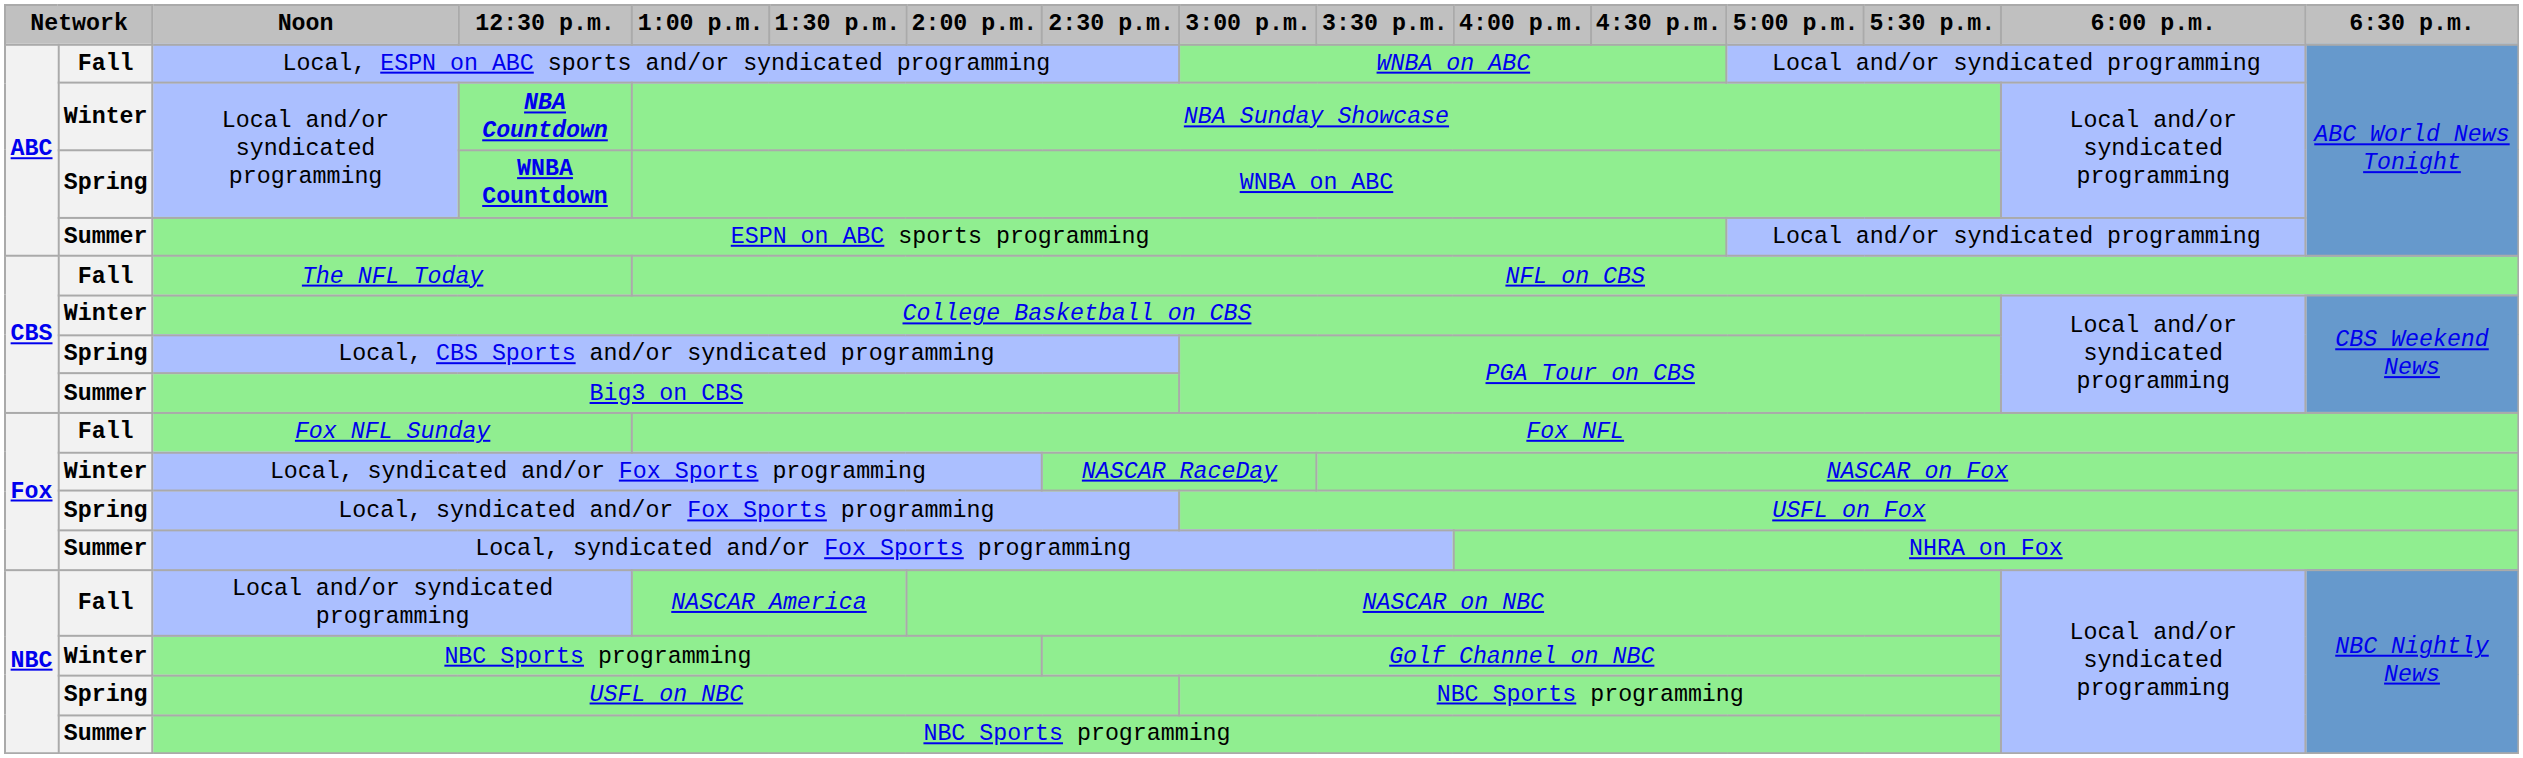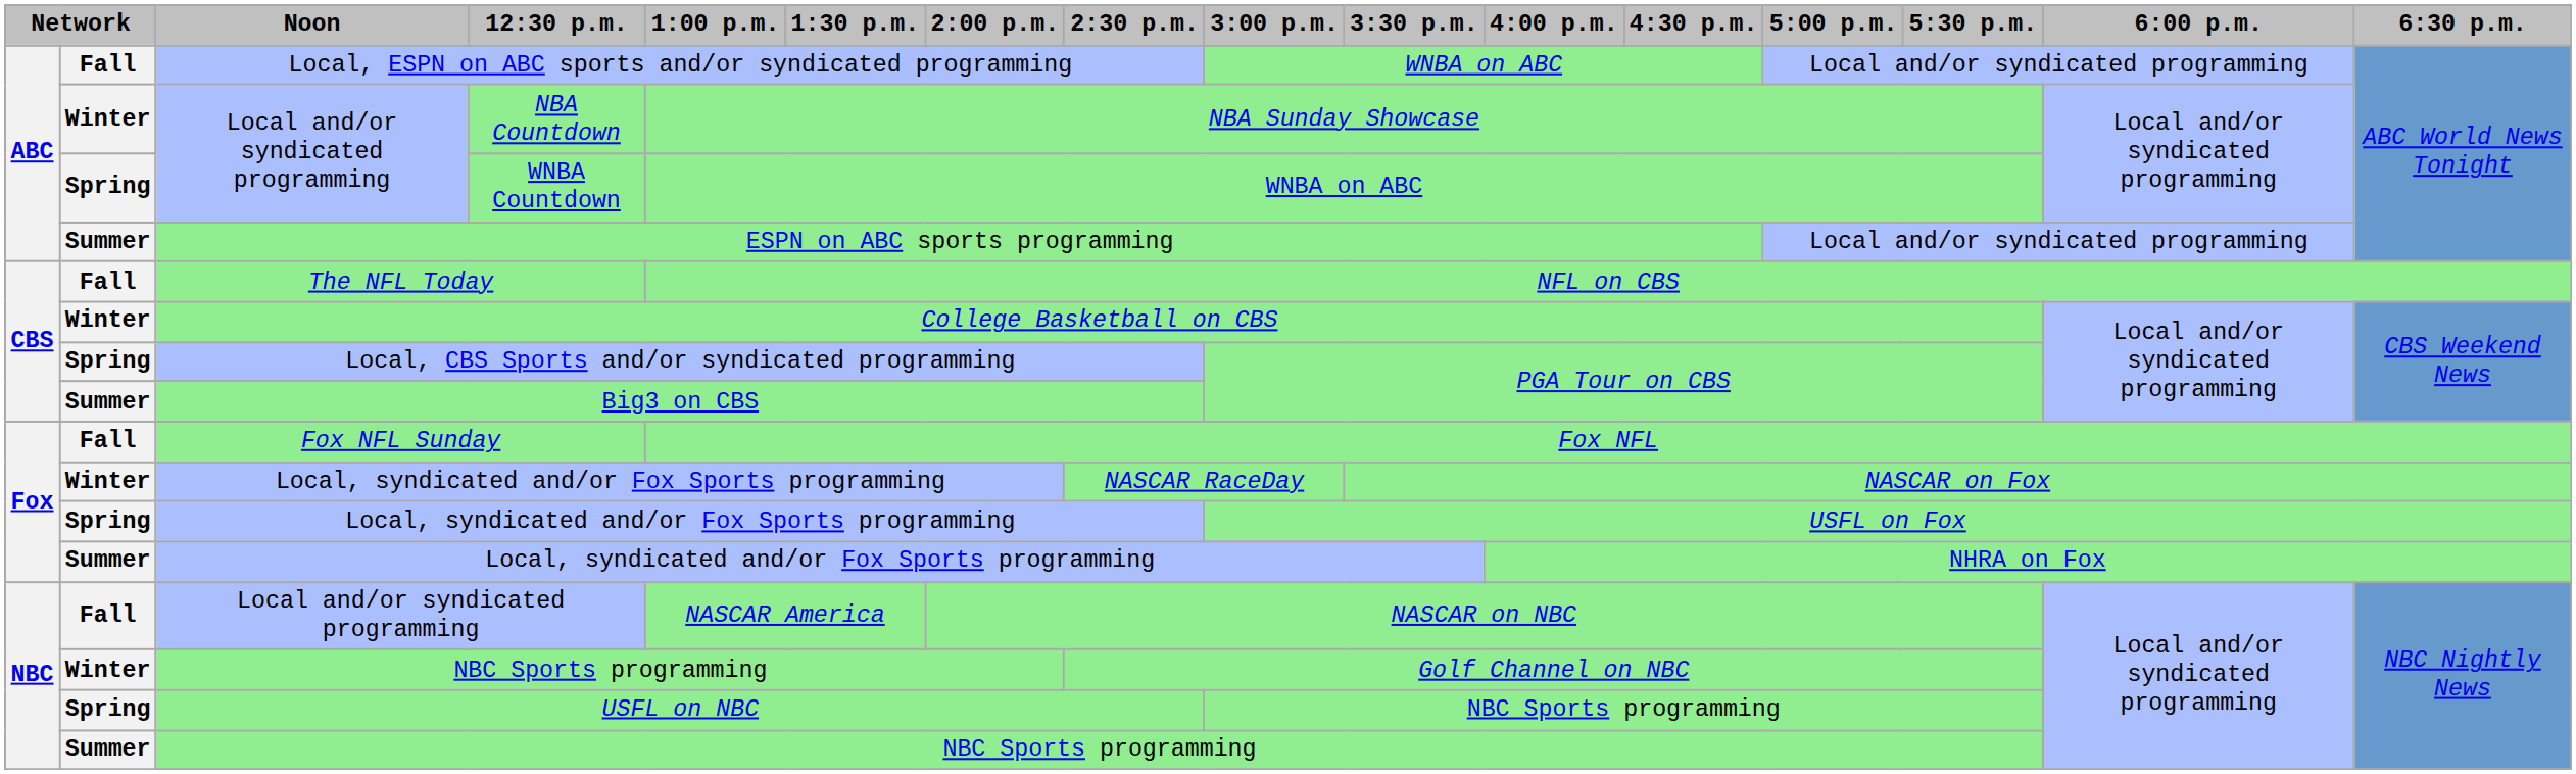 <table class="wikitable" style="width:100%;margin-right:0;font-size:90%;text-align:center">
 <tr>
 <th colspan="2" style="background:#C0C0C0; width:1.5%; text-align:center;">Network</th>
 <th style="background:#C0C0C0; text-align:center;">Noon</th>
 <th style="background:#C0C0C0; text-align:center;">12:30 p.m.</th>
 <th style="background:#C0C0C0; text-align:center;">1:00 p.m.</th>
 <th style="background:#C0C0C0; text-align:center;">1:30 p.m.</th>
 <th style="background:#C0C0C0; text-align:center;">2:00 p.m.</th>
 <th style="background:#C0C0C0; text-align:center;">2:30 p.m.</th>
 <th style="background:#C0C0C0; text-align:center;">3:00 p.m.</th>
 <th style="background:#C0C0C0; text-align:center;">3:30 p.m.</th>
 <th style="background:#C0C0C0; text-align:center;">4:00 p.m.</th>
 <th style="background:#C0C0C0; text-align:center;">4:30 p.m.</th>
 <th style="background:#C0C0C0; text-align:center;">5:00 p.m.</th>
 <th style="background:#C0C0C0; text-align:center;">5:30 p.m.</th>
 <th style="background:#C0C0C0; text-align:center;">6:00 p.m.</th>
 <th style="background:#C0C0C0; text-align:center;">6:30 p.m.</th>
 </tr>
 <tr>
 <th rowspan="4"><a href='#'>ABC</a></th>
 <th>Fall</th>
 <td colspan="6" style="background:#abbfff;">Local, <a href='#'>ESPN on ABC</a> sports and/or syndicated programming</td>
 <td colspan="4" style="background:lightgreen;"><em><a href='#'>WNBA on ABC</a></em></td>
 <td colspan="3" style="background:#abbfff;">Local and/or syndicated programming</td>
 <td rowspan="4" style="background: #6699CC;"><em><a href='#'>ABC World News Tonight</a></em></td>
 </tr>
 <tr>
 <th>Winter</th>
 <td rowspan="2" style="background:#abbfff;">Local and/or syndicated programming</td>
-<td style="background:lightgreen;"><strong><em><a href='#'>NBA Countdown</a></em></strong></td>
+<td style="background:lightgreen;"><em><a href='#'>NBA Countdown</a></em></td>
 <td colspan="10" style="background:lightgreen;"><em><a href='#'>NBA Sunday Showcase</a></em></td>
 <td rowspan="2" style="background:#abbfff;">Local and/or syndicated programming</td>
 </tr>
 <tr>
 <th>Spring</th>
-<td style="background:lightgreen;"><strong><a href='#'>WNBA Countdown</a></strong></td>
+<td style="background:lightgreen;"><a href='#'>WNBA Countdown</a></td>
 <td colspan="10" style="background:lightgreen;"><a href='#'>WNBA on ABC</a></td>
 </tr>
 <tr>
 <th>Summer</th>
 <td colspan="10" style="background:lightgreen;"><a href='#'>ESPN on ABC</a> sports programming</td>
 <td colspan="3" style="background:#abbfff;">Local and/or syndicated programming</td>
 </tr>
 <tr>
 <th rowspan="4"><a href='#'>CBS</a></th>
 <th>Fall</th>
 <td colspan="2" style="background:lightgreen;"><em><a href='#'>The NFL Today</a></em></td>
 <td colspan="12" style="background:lightgreen;"><em><a href='#'>NFL on CBS</a></em> </td>
 </tr>
 <tr>
 <th>Winter</th>
 <td colspan="12" style="background:lightgreen;"><em><a href='#'>College Basketball on CBS</a></em></td>
 <td rowspan="3" style="background:#abbfff;">Local and/or syndicated programming</td>
 <td rowspan="3" style="background: #6699CC;"><em><a href='#'>CBS Weekend News</a></em></td>
 </tr>
 <tr>
 <th>Spring</th>
 <td colspan="6" style="background:#abbfff;">Local, <a href='#'>CBS Sports</a> and/or syndicated programming</td>
 <td colspan="6" rowspan="2" style="background:lightgreen;"><em><a href='#'>PGA Tour on CBS</a></em></td>
 </tr>
 <tr>
 <th>Summer</th>
 <td colspan="6" style="background:lightgreen;"><a href='#'>Big3 on CBS</a></td>
 </tr>
 <tr>
 <th rowspan="4"><a href='#'>Fox</a></th>
 <th>Fall</th>
 <td colspan="2" style="background:lightgreen;"><em><a href='#'>Fox NFL Sunday</a></em></td>
 <td colspan="12" style="background:lightgreen;"><em><a href='#'>Fox NFL</a></em> </td>
 </tr>
 <tr>
 <th>Winter</th>
 <td colspan="5" style="background:#abbfff;">Local, syndicated and/or <a href='#'>Fox Sports</a> programming</td>
 <td colspan="2" style="background:lightgreen;"><em><a href='#'>NASCAR RaceDay</a></em></td>
 <td colspan="7" style="background:lightgreen;"><em><a href='#'>NASCAR on Fox</a></em></td>
 </tr>
 <tr>
 <th>Spring</th>
 <td colspan="6" style="background:#abbfff;">Local, syndicated and/or <a href='#'>Fox Sports</a> programming</td>
 <td colspan="8" style="background:lightgreen;"><em><a href='#'>USFL on Fox</a></em></td>
 </tr>
 <tr>
 <th>Summer</th>
 <td colspan="8" style="background:#abbfff;">Local, syndicated and/or <a href='#'>Fox Sports</a> programming</td>
 <td colspan="6" style="background:lightgreen;"><a href='#'>NHRA on Fox</a></td>
 </tr>
 <tr>
 <th rowspan="4"><a href='#'>NBC</a></th>
 <th>Fall</th>
 <td colspan="2" style="background:#abbfff;">Local and/or syndicated programming</td>
 <td colspan="2" style="background:lightgreen;"><em><a href='#'>NASCAR America</a></em></td>
 <td colspan="8" style="background:lightgreen;"><em><a href='#'>NASCAR on NBC</a></em></td>
 <td rowspan="4" style="background:#abbfff;">Local and/or syndicated programming</td>
 <td rowspan="4" style="background:#6699CC;"><em><a href='#'>NBC Nightly News</a></em></td>
 </tr>
 <tr>
 <th>Winter</th>
 <td colspan="5" style="background:lightgreen;"><a href='#'>NBC Sports</a> programming</td>
 <td colspan="7" style="background:lightgreen;"><em><a href='#'>Golf Channel on NBC</a></em></td>
 </tr>
 <tr>
 <th>Spring</th>
 <td colspan="6" style="background:lightgreen;"><em><a href='#'>USFL on NBC</a></em></td>
 <td colspan="6" style="background:lightgreen;"><a href='#'>NBC Sports</a> programming</td>
 </tr>
 <tr>
 <th>Summer</th>
 <td colspan="12" style="background:lightgreen;"><a href='#'>NBC Sports</a> programming</td>
 </tr>
 </table>
